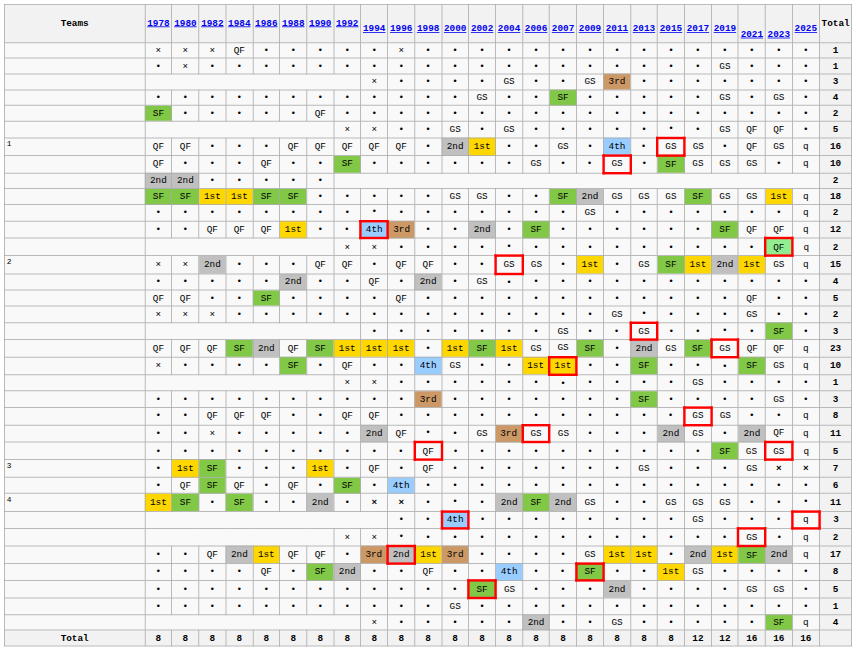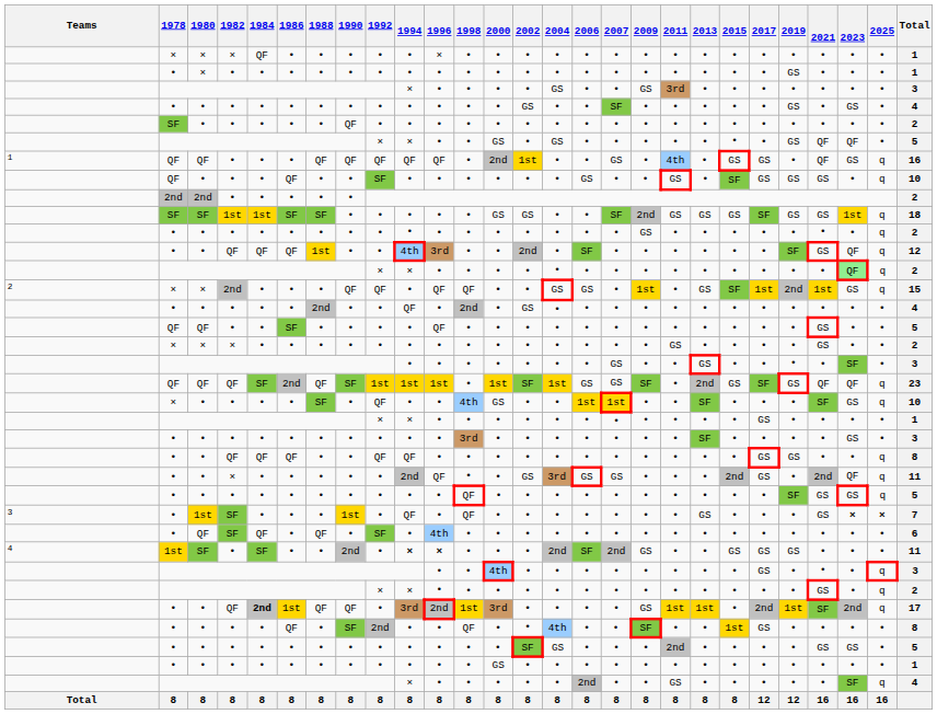 <table class="wikitable" style="text-align:center; font-size:90%;">
 <tr>
 <th style="width:170px;">Teams</th>
 <th><a href='#'>1978</a></th>
 <th><a href='#'>1980</a></th>
 <th><a href='#'>1982</a></th>
 <th><a href='#'>1984</a></th>
 <th><a href='#'>1986</a></th>
 <th><a href='#'>1988</a></th>
 <th><a href='#'>1990</a></th>
 <th><a href='#'>1992</a></th>
 <th><br><a href='#'>1994</a></th>
 <th><br><a href='#'>1996</a></th>
 <th><br><a href='#'>1998</a></th>
 <th><br><a href='#'>2000</a></th>
 <th><br><a href='#'>2002</a></th>
 <th><br><a href='#'>2004</a></th>
 <th><br><a href='#'>2006</a></th>
 <th><br><a href='#'>2007</a></th>
 <th><br><a href='#'>2009</a></th>
 <th><br><a href='#'>2011</a></th>
 <th><br><a href='#'>2013</a></th>
 <th><br><a href='#'>2015</a></th>
 <th><br><a href='#'>2017</a></th>
 <th><br><a href='#'>2019</a></th>
 <th><br><br><a href='#'>2021</a></th>
 <th><br><br><a href='#'>2023</a></th>
 <th><br><a href='#'>2025</a></th>
 <th>Total</th>
 </tr>
 <tr>
 <td style="text-align:left;"></td>
 <td>×</td>
 <td>×</td>
 <td>×</td>
 <td>QF</td>
 <td>•</td>
 <td>•</td>
 <td>•</td>
 <td>•</td>
 <td>•</td>
 <td>×</td>
 <td>•</td>
 <td>•</td>
 <td>•</td>
 <td>•</td>
 <td>•</td>
 <td>•</td>
 <td>•</td>
 <td>•</td>
 <td>•</td>
 <td>•</td>
 <td>•</td>
 <td>•</td>
 <td>•</td>
 <td>•</td>
 <td>•</td>
 <th>1</th>
 </tr>
 <tr>
 <td style="text-align:left;"></td>
 <td>•</td>
 <td>×</td>
 <td>•</td>
 <td>•</td>
 <td>•</td>
 <td>•</td>
 <td>•</td>
 <td>•</td>
 <td>•</td>
 <td>•</td>
 <td>•</td>
 <td>•</td>
 <td>•</td>
 <td>•</td>
 <td>•</td>
 <td>•</td>
 <td>•</td>
 <td>•</td>
 <td>•</td>
 <td>•</td>
 <td>•</td>
 <td>GS</td>
 <td>•</td>
 <td>•</td>
 <td>•</td>
 <th>1</th>
 </tr>
 <tr>
 <td style="text-align:left;"></td>
 <td colspan=8><em></em></td>
 <td>×</td>
 <td>•</td>
 <td>•</td>
 <td>•</td>
 <td>•</td>
 <td>GS</td>
 <td>•</td>
 <td>•</td>
 <td>GS</td>
 <td style="background-color:#cc9966;">3rd</td>
 <td>•</td>
 <td>•</td>
 <td>•</td>
 <td>•</td>
 <td>•</td>
 <td>•</td>
 <td>•</td>
 <th>3</th>
 </tr>
 <tr>
 <td style="text-align:left;"></td>
 <td>•</td>
 <td>•</td>
 <td>•</td>
 <td>•</td>
 <td>•</td>
 <td>•</td>
 <td>•</td>
 <td>•</td>
 <td>•</td>
 <td>•</td>
 <td>•</td>
 <td>•</td>
 <td>GS</td>
 <td>•</td>
 <td>•</td>
 <td style="background-color:#81c846;">SF</td>
 <td>•</td>
 <td>•</td>
 <td>•</td>
 <td>•</td>
 <td>•</td>
 <td>GS</td>
 <td>•</td>
 <td>GS</td>
 <td>•</td>
 <th>4</th>
 </tr>
 <tr>
 <td style="text-align:left;"></td>
 <td style="background-color:#81c846;">SF</td>
 <td>•</td>
 <td>•</td>
 <td>•</td>
 <td>•</td>
 <td>•</td>
 <td>QF</td>
 <td>•</td>
 <td>•</td>
 <td>•</td>
 <td>•</td>
 <td>•</td>
 <td>•</td>
 <td>•</td>
 <td>•</td>
 <td>•</td>
 <td>•</td>
 <td>•</td>
 <td>•</td>
 <td>•</td>
 <td>•</td>
 <td>•</td>
 <td>•</td>
 <td>•</td>
 <td>•</td>
 <th>2</th>
 </tr>
 <tr>
 <td style="text-align:left;"></td>
 <td colspan=7><em></em></td>
 <td>×</td>
 <td>×</td>
 <td>•</td>
 <td>•</td>
 <td>GS</td>
 <td>•</td>
 <td>GS</td>
 <td>•</td>
 <td>•</td>
 <td>•</td>
 <td>•</td>
 <td>•</td>
 <td>•</td>
 <td>•</td>
 <td>GS</td>
 <td>QF</td>
 <td>QF</td>
 <td>•</td>
 <th>5</th>
 </tr>
 <tr>
 <td style="text-align:left;"><sup>1</sup></td>
 <td>QF</td>
 <td>QF</td>
 <td>•</td>
 <td>•</td>
 <td>•</td>
 <td>QF</td>
 <td>QF</td>
 <td>QF</td>
 <td>QF</td>
 <td>QF</td>
 <td>•</td>
 <td style="background-color:silver;">2nd</td>
 <td style="background-color:gold;">1st</td>
 <td>•</td>
 <td>•</td>
 <td>GS</td>
 <td>•</td>
 <td style="background-color:#9acdff;">4th</td>
 <td>•</td>
 <td style="border:3px solid red;">GS</td>
 <td>GS</td>
 <td>•</td>
 <td>QF</td>
 <td>GS</td>
 <td>q</td>
 <th>16</th>
 </tr>
 <tr>
 <td style="text-align:left;"></td>
 <td>QF</td>
 <td>•</td>
 <td>•</td>
 <td>•</td>
 <td>QF</td>
 <td>•</td>
 <td>•</td>
 <td style="background-color:#81c846;">SF</td>
 <td>•</td>
 <td>•</td>
 <td>•</td>
 <td>•</td>
 <td>•</td>
 <td>•</td>
 <td>GS</td>
 <td>•</td>
 <td>•</td>
 <td style="border:3px solid red;">GS</td>
 <td>•</td>
 <td style="background-color:#81c846;">SF</td>
 <td>GS</td>
 <td>GS</td>
 <td>GS</td>
 <td>•</td>
 <td>q</td>
 <th>10</th>
 </tr>
 <tr>
 <td style="text-align:left;"></td>
 <td style="background-color:silver;">2nd</td>
 <td style="background-color:silver;">2nd</td>
 <td>•</td>
 <td>•</td>
 <td>•</td>
 <td>•</td>
 <td>•</td>
 <td colspan=18><em></em></td>
 <th>2</th>
 </tr>
 <tr>
 <td style="text-align:left;"></td>
 <td style="background-color:#81c846;">SF</td>
 <td style="background-color:#81c846;">SF</td>
 <td style="background-color:gold;">1st</td>
 <td style="background-color:gold;">1st</td>
 <td style="background-color:#81c846;">SF</td>
 <td style="background-color:#81c846;">SF</td>
 <td>•</td>
 <td>•</td>
 <td>•</td>
 <td>•</td>
 <td>•</td>
 <td>GS</td>
 <td>GS</td>
 <td>•</td>
 <td>•</td>
 <td style="background-color:#81c846;">SF</td>
 <td style="background-color:silver;">2nd</td>
 <td>GS</td>
 <td>GS</td>
 <td>GS</td>
 <td style="background-color:#81c846;">SF</td>
 <td>GS</td>
 <td>GS</td>
 <td style="background-color:gold;">1st</td>
 <td>q</td>
 <th>18</th>
 </tr>
 <tr>
 <td style="text-align:left;"></td>
 <td>•</td>
 <td>•</td>
 <td>•</td>
 <td>•</td>
 <td>•</td>
 <td>•</td>
 <td>•</td>
 <td>•</td>
 <td>•</td>
 <td>•</td>
 <td>•</td>
 <td>•</td>
 <td>•</td>
 <td>•</td>
 <td>•</td>
 <td>•</td>
 <td>GS</td>
 <td>•</td>
 <td>•</td>
 <td>•</td>
 <td>•</td>
 <td>•</td>
 <td>•</td>
 <td>•</td>
 <td>q</td>
 <th>2</th>
 </tr>
 <tr>
 <td style="text-align:left;"></td>
 <td>•</td>
 <td>•</td>
 <td>QF</td>
 <td>QF</td>
 <td>QF</td>
 <td style="background-color:gold;">1st</td>
 <td>•</td>
 <td>•</td>
 <td style="border:3px solid red; background-color:#9acdff;">4th</td>
 <td style="background-color:#cc9966;">3rd</td>
 <td>•</td>
 <td>•</td>
 <td style="background-color:silver;">2nd</td>
 <td>•</td>
 <td style="background-color:#81c846;">SF</td>
 <td>•</td>
 <td>•</td>
 <td>•</td>
 <td>•</td>
 <td>•</td>
 <td>•</td>
 <td style="background-color:#81c846;">SF</td>
-<td>QF</td>
+<td style="border:3px solid red;">GS</td>
 <td>QF</td>
 <td>q</td>
 <th>12</th>
 </tr>
 <tr>
 <td style="text-align:left;"></td>
 <td colspan=7><em></em></td>
 <td>×</td>
 <td>×</td>
 <td>•</td>
 <td>•</td>
 <td>•</td>
 <td>•</td>
 <td>•</td>
 <td>•</td>
 <td>•</td>
 <td>•</td>
 <td>•</td>
 <td>•</td>
 <td>•</td>
 <td>•</td>
 <td>•</td>
 <td>•</td>
 <td style="background: lightgreen; border:3px solid red">QF</td>
 <td>q</td>
 <th>2</th>
 </tr>
 <tr>
 <td style="text-align:left;"><sup>2</sup></td>
 <td>×</td>
 <td>×</td>
 <td style="background-color:silver;">2nd</td>
 <td>•</td>
 <td>•</td>
 <td>•</td>
 <td>QF</td>
 <td>QF</td>
 <td>•</td>
 <td>QF</td>
 <td>QF</td>
 <td>•</td>
 <td>•</td>
 <td style="border:3px solid red">GS</td>
 <td>GS</td>
 <td>•</td>
 <td style="background-color:gold;">1st</td>
 <td>•</td>
 <td>GS</td>
 <td style="background-color:#81c846;">SF</td>
 <td style="background-color:gold;">1st</td>
 <td style="background-color:silver;">2nd</td>
 <td style="background-color:gold;">1st</td>
 <td>GS</td>
 <td>q</td>
 <th>15</th>
 </tr>
 <tr>
 <td style="text-align:left;"></td>
 <td>•</td>
 <td>•</td>
 <td>•</td>
 <td>•</td>
 <td>•</td>
 <td style="background-color:silver;">2nd</td>
 <td>•</td>
 <td>•</td>
 <td>QF</td>
 <td>•</td>
 <td style="background-color:silver;">2nd</td>
 <td>•</td>
 <td>GS</td>
 <td>•</td>
 <td>•</td>
 <td>•</td>
 <td>•</td>
 <td>•</td>
 <td>•</td>
 <td>•</td>
 <td>•</td>
 <td>•</td>
 <td>•</td>
 <td>•</td>
 <td>•</td>
 <th>4</th>
 </tr>
 <tr>
 <td style="text-align:left;"></td>
 <td>QF</td>
 <td>QF</td>
 <td>•</td>
 <td>•</td>
 <td style="background-color:#81c846;">SF</td>
 <td>•</td>
 <td>•</td>
 <td>•</td>
 <td>•</td>
 <td>QF</td>
 <td>•</td>
 <td>•</td>
 <td>•</td>
 <td>•</td>
 <td>•</td>
 <td>•</td>
 <td>•</td>
 <td>•</td>
 <td>•</td>
 <td>•</td>
 <td>•</td>
 <td>•</td>
-<td>QF</td>
+<td style="border:3px solid red;">GS</td>
 <td>•</td>
 <td>•</td>
 <th>5</th>
 </tr>
 <tr>
 <td style="text-align:left;"></td>
 <td>×</td>
 <td>×</td>
 <td>×</td>
 <td>•</td>
 <td>•</td>
 <td>•</td>
 <td>•</td>
 <td>•</td>
 <td>•</td>
 <td>•</td>
 <td>•</td>
 <td>•</td>
 <td>•</td>
 <td>•</td>
 <td>•</td>
 <td>•</td>
 <td>•</td>
 <td>GS</td>
 <td>•</td>
 <td>•</td>
 <td>•</td>
 <td>•</td>
 <td>GS</td>
 <td>•</td>
 <td>•</td>
 <th>2</th>
 </tr>
 <tr>
 <td style="text-align:left;"></td>
 <td colspan=8><em></em></td>
 <td>•</td>
 <td>•</td>
 <td>•</td>
 <td>•</td>
 <td>•</td>
 <td>•</td>
 <td>•</td>
 <td>GS</td>
 <td>•</td>
 <td>•</td>
 <td style="border:3px solid red;">GS</td>
 <td>•</td>
 <td>•</td>
 <td>•</td>
 <td>•</td>
 <td style="background-color:#81c846;">SF</td>
 <td>•</td>
 <th>3</th>
 </tr>
 <tr>
 <td style="text-align:left;"></td>
 <td>QF</td>
 <td>QF</td>
 <td>QF</td>
 <td style="background-color:#81c846;">SF</td>
 <td style="background-color:silver;">2nd</td>
 <td>QF</td>
 <td style="background-color:#81c846;">SF</td>
 <td style="background-color:gold;">1st</td>
 <td style="background-color:gold;">1st</td>
 <td style="background-color:gold;">1st</td>
 <td>•</td>
 <td style="background-color:gold;">1st</td>
 <td style="background-color:#81c846;">SF</td>
 <td style="background-color:gold;">1st</td>
 <td>GS</td>
 <td>GS</td>
 <td style="background-color:#81c846;">SF</td>
 <td>•</td>
 <td style="background-color:silver;">2nd</td>
 <td>GS</td>
 <td style="background-color:#81c846;">SF</td>
 <td style="border:3px solid red;">GS</td>
 <td>QF</td>
 <td>QF</td>
 <td>q</td>
 <th>23</th>
 </tr>
 <tr>
 <td style="text-align:left;"></td>
 <td>×</td>
 <td>•</td>
 <td>•</td>
 <td>•</td>
 <td>•</td>
 <td style="background-color:#81c846;">SF</td>
 <td>•</td>
 <td>QF</td>
 <td>•</td>
 <td>•</td>
 <td style="background-color:#9acdff;">4th</td>
 <td>GS</td>
 <td>•</td>
 <td>•</td>
 <td style="background-color:gold;">1st</td>
 <td style="border:3px solid red; background-color:gold;">1st</td>
 <td>•</td>
 <td>•</td>
 <td style="background-color:#81c846;">SF</td>
 <td>•</td>
 <td>•</td>
 <td>•</td>
 <td style="background-color:#81c846;">SF</td>
 <td>GS</td>
 <td>q</td>
 <th>10</th>
 </tr>
 <tr>
 <td style="text-align:left;"></td>
 <td colspan=7><em></em></td>
 <td>×</td>
 <td>×</td>
 <td>•</td>
 <td>•</td>
 <td>•</td>
 <td>•</td>
 <td>•</td>
 <td>•</td>
 <td>•</td>
 <td>•</td>
 <td>•</td>
 <td>•</td>
 <td>•</td>
 <td>GS</td>
 <td>•</td>
 <td>•</td>
 <td>•</td>
 <td>•</td>
 <th>1</th>
 </tr>
 <tr>
 <td style="text-align:left;"></td>
 <td>•</td>
 <td>•</td>
 <td>•</td>
 <td>•</td>
 <td>•</td>
 <td>•</td>
 <td>•</td>
 <td>•</td>
 <td>•</td>
 <td>•</td>
 <td style="background-color:#cc9966;">3rd</td>
 <td>•</td>
 <td>•</td>
 <td>•</td>
 <td>•</td>
 <td>•</td>
 <td>•</td>
 <td>•</td>
 <td style="background-color:#81c846;">SF</td>
 <td>•</td>
 <td>•</td>
 <td>•</td>
 <td>•</td>
 <td>GS</td>
 <td>•</td>
 <th>3</th>
 </tr>
 <tr>
 <td style="text-align:left;"></td>
 <td>•</td>
 <td>•</td>
 <td>QF</td>
 <td>QF</td>
 <td>QF</td>
 <td>•</td>
 <td>•</td>
 <td>QF</td>
 <td>QF</td>
 <td>•</td>
 <td>•</td>
 <td>•</td>
 <td>•</td>
 <td>•</td>
 <td>•</td>
 <td>•</td>
 <td>•</td>
 <td>•</td>
 <td>•</td>
 <td>•</td>
 <td style="border:3px solid red">GS</td>
 <td>GS</td>
 <td>•</td>
 <td>•</td>
 <td>q</td>
 <th>8</th>
 </tr>
 <tr>
 <td style="text-align:left;"></td>
 <td>•</td>
 <td>•</td>
 <td>×</td>
 <td>•</td>
 <td>•</td>
 <td>•</td>
 <td>•</td>
 <td>•</td>
 <td style="background-color:silver;">2nd</td>
 <td>QF</td>
 <td>•</td>
 <td>•</td>
 <td>GS</td>
 <td style="background-color:#cc9966;">3rd</td>
 <td style="border:3px solid red">GS</td>
 <td>GS</td>
 <td>•</td>
 <td>•</td>
 <td>•</td>
 <td style="background-color:silver;">2nd</td>
 <td>GS</td>
 <td>•</td>
 <td style="background-color:silver;">2nd</td>
 <td>QF</td>
 <td>q</td>
 <th>11</th>
 </tr>
 <tr>
 <td style="text-align:left;"></td>
 <td>•</td>
 <td>•</td>
 <td>•</td>
 <td>•</td>
 <td>•</td>
 <td>•</td>
 <td>•</td>
 <td>•</td>
 <td>•</td>
 <td>•</td>
 <td style="border:3px solid red">QF</td>
 <td>•</td>
 <td>•</td>
 <td>•</td>
 <td>•</td>
 <td>•</td>
 <td>•</td>
 <td>•</td>
 <td>•</td>
 <td>•</td>
 <td>•</td>
 <td style="background-color:#81c846;">SF</td>
 <td>GS</td>
 <td style="border:3px solid red">GS</td>
 <td>q</td>
 <th>5</th>
 </tr>
 <tr>
 <td style="text-align:left;"><sup>3</sup></td>
 <td>•</td>
 <td style="background-color:gold;">1st</td>
 <td style="background-color:#81c846;">SF</td>
 <td>•</td>
 <td>•</td>
 <td>•</td>
 <td style="background-color:gold;">1st</td>
 <td>•</td>
 <td>QF</td>
 <td>•</td>
 <td>QF</td>
 <td>•</td>
 <td>•</td>
 <td>•</td>
 <td>•</td>
 <td>•</td>
 <td>•</td>
 <td>•</td>
 <td>GS</td>
 <td>•</td>
 <td>•</td>
 <td>•</td>
 <td>GS</td>
 <td><strong>×</strong></td>
 <td><strong>×</strong></td>
 <th>7</th>
 </tr>
 <tr>
 <td style="text-align:left;"></td>
 <td>•</td>
 <td>QF</td>
 <td style="background-color:#81c846;">SF</td>
 <td>QF</td>
 <td>•</td>
 <td>QF</td>
 <td>•</td>
 <td style="background-color:#81c846;">SF</td>
 <td>•</td>
 <td style="background-color:#9acdff;">4th</td>
 <td>•</td>
 <td>•</td>
 <td>•</td>
 <td>•</td>
 <td>•</td>
 <td>•</td>
 <td>•</td>
 <td>•</td>
 <td>•</td>
 <td>•</td>
 <td>•</td>
 <td>•</td>
 <td>•</td>
 <td>•</td>
 <td>•</td>
 <th>6</th>
 </tr>
 <tr>
 <td style="text-align:left;"><sup>4</sup></td>
 <td style="background-color:gold;">1st</td>
 <td style="background-color:#81c846;">SF</td>
 <td>•</td>
 <td style="background-color:#81c846;">SF</td>
 <td>•</td>
 <td>•</td>
 <td style="background-color:silver;">2nd</td>
 <td>•</td>
 <td><strong>×</strong></td>
 <td><strong>×</strong></td>
 <td>•</td>
 <td>•</td>
 <td>•</td>
 <td style="background-color:silver;">2nd</td>
 <td style="background-color:#81c846;">SF</td>
 <td style="background-color:silver;">2nd</td>
 <td>GS</td>
 <td>•</td>
 <td>•</td>
 <td>GS</td>
 <td>GS</td>
 <td>GS</td>
 <td>•</td>
 <td>•</td>
 <td>•</td>
 <th>11</th>
 </tr>
 <tr>
 <td style="text-align:left;"></td>
 <td colspan=9><em></em></td>
 <td>•</td>
 <td>•</td>
 <td style="border:3px solid red; background-color:#9acdff;">4th</td>
 <td>•</td>
 <td>•</td>
 <td>•</td>
 <td>•</td>
 <td>•</td>
 <td>•</td>
 <td>•</td>
 <td>•</td>
 <td>GS</td>
 <td>•</td>
 <td>•</td>
 <td>•</td>
 <td style="border:3px solid red;">q</td>
 <th>3</th>
 </tr>
 <tr>
 <td style="text-align:left;"></td>
 <td colspan=7><em></em></td>
 <td>×</td>
 <td>×</td>
 <td>•</td>
 <td>•</td>
 <td>•</td>
 <td>•</td>
 <td>•</td>
 <td>•</td>
 <td>•</td>
 <td>•</td>
 <td>•</td>
 <td>•</td>
 <td>•</td>
 <td>•</td>
 <td>•</td>
 <td style="border:3px solid red;">GS</td>
 <td>•</td>
 <td>q</td>
 <th>2</th>
 </tr>
 <tr>
 <td style="text-align:left;"></td>
 <td>•</td>
 <td>•</td>
 <td>QF</td>
-<td style="background-color:silver;">2nd</td>
+<td style="background-color:silver;"><strong>2nd</strong></td>
 <td style="background-color:gold;">1st</td>
 <td>QF</td>
 <td>QF</td>
 <td>•</td>
 <td style="background-color:#cc9966;">3rd</td>
 <td style="border:3px solid red; background-color:silver;">2nd</td>
 <td style="background-color:gold;">1st</td>
 <td style="background-color:#cc9966;">3rd</td>
 <td>•</td>
 <td>•</td>
 <td>•</td>
 <td>•</td>
 <td>GS</td>
 <td style="background-color:gold;">1st</td>
 <td style="background-color:gold;">1st</td>
 <td>•</td>
 <td style="background-color:silver;">2nd</td>
 <td style="background-color:gold;">1st</td>
 <td style="background-color:#81c846;">SF</td>
 <td style="background-color:silver;">2nd</td>
 <td>q</td>
 <th>17</th>
 </tr>
 <tr>
 <td style="text-align:left;"></td>
 <td>•</td>
 <td>•</td>
 <td>•</td>
 <td>•</td>
 <td>QF</td>
 <td>•</td>
 <td style="background-color:#81c846;">SF</td>
 <td style="background-color:silver;">2nd</td>
 <td>•</td>
 <td>•</td>
 <td>QF</td>
 <td>•</td>
 <td>•</td>
 <td style="background-color:#9acdff;">4th</td>
 <td>•</td>
 <td>•</td>
 <td style="border:3px solid red; background-color:#81c846;">SF</td>
 <td>•</td>
 <td>•</td>
 <td style="background-color:gold;">1st</td>
 <td>GS</td>
 <td>•</td>
 <td>•</td>
 <td>•</td>
 <td>•</td>
 <th>8</th>
 </tr>
 <tr>
 <td style="text-align:left;"></td>
 <td>•</td>
 <td>•</td>
 <td>•</td>
 <td>•</td>
 <td>•</td>
 <td>•</td>
 <td>•</td>
 <td>•</td>
 <td>•</td>
 <td>•</td>
 <td>•</td>
 <td>•</td>
 <td style="border:3px solid red; background-color:#81c846;">SF</td>
 <td>GS</td>
 <td>•</td>
 <td>•</td>
 <td>•</td>
 <td style="background-color:silver;">2nd</td>
 <td>•</td>
 <td>•</td>
 <td>•</td>
 <td>•</td>
 <td>GS</td>
 <td>GS</td>
 <td>•</td>
 <th>5</th>
 </tr>
 <tr>
 <td style="text-align:left;"></td>
 <td>•</td>
 <td>•</td>
 <td>•</td>
 <td>•</td>
 <td>•</td>
 <td>•</td>
 <td>•</td>
 <td>•</td>
 <td>•</td>
 <td>•</td>
 <td>•</td>
 <td>GS</td>
 <td>•</td>
 <td>•</td>
 <td>•</td>
 <td>•</td>
 <td>•</td>
 <td>•</td>
 <td>•</td>
 <td>•</td>
 <td>•</td>
 <td>•</td>
 <td>•</td>
 <td>•</td>
 <td>•</td>
 <th>1</th>
 </tr>
 <tr>
 <td style="text-align:left;"></td>
 <td colspan=8><em></em></td>
 <td>×</td>
 <td>•</td>
 <td>•</td>
 <td>•</td>
 <td>•</td>
 <td>•</td>
 <td style="background-color:silver;">2nd</td>
 <td>•</td>
 <td>•</td>
 <td>GS</td>
 <td>•</td>
 <td>•</td>
 <td>•</td>
 <td>•</td>
 <td>•</td>
 <td style="background-color:#81c846;">SF</td>
 <td>q</td>
 <th>4</th>
 </tr>
 <tr>
 <th>Total</th>
 <th>8</th>
 <th>8</th>
 <th>8</th>
 <th>8</th>
 <th>8</th>
 <th>8</th>
 <th>8</th>
 <th>8</th>
 <th>8</th>
 <th>8</th>
 <th>8</th>
 <th>8</th>
 <th>8</th>
 <th>8</th>
 <th>8</th>
 <th>8</th>
 <th>8</th>
 <th>8</th>
 <th>8</th>
 <th>8</th>
 <th>12</th>
 <th>12</th>
 <th>16</th>
 <th>16</th>
 <th>16</th>
 <th></th>
 </tr>
 </table>
